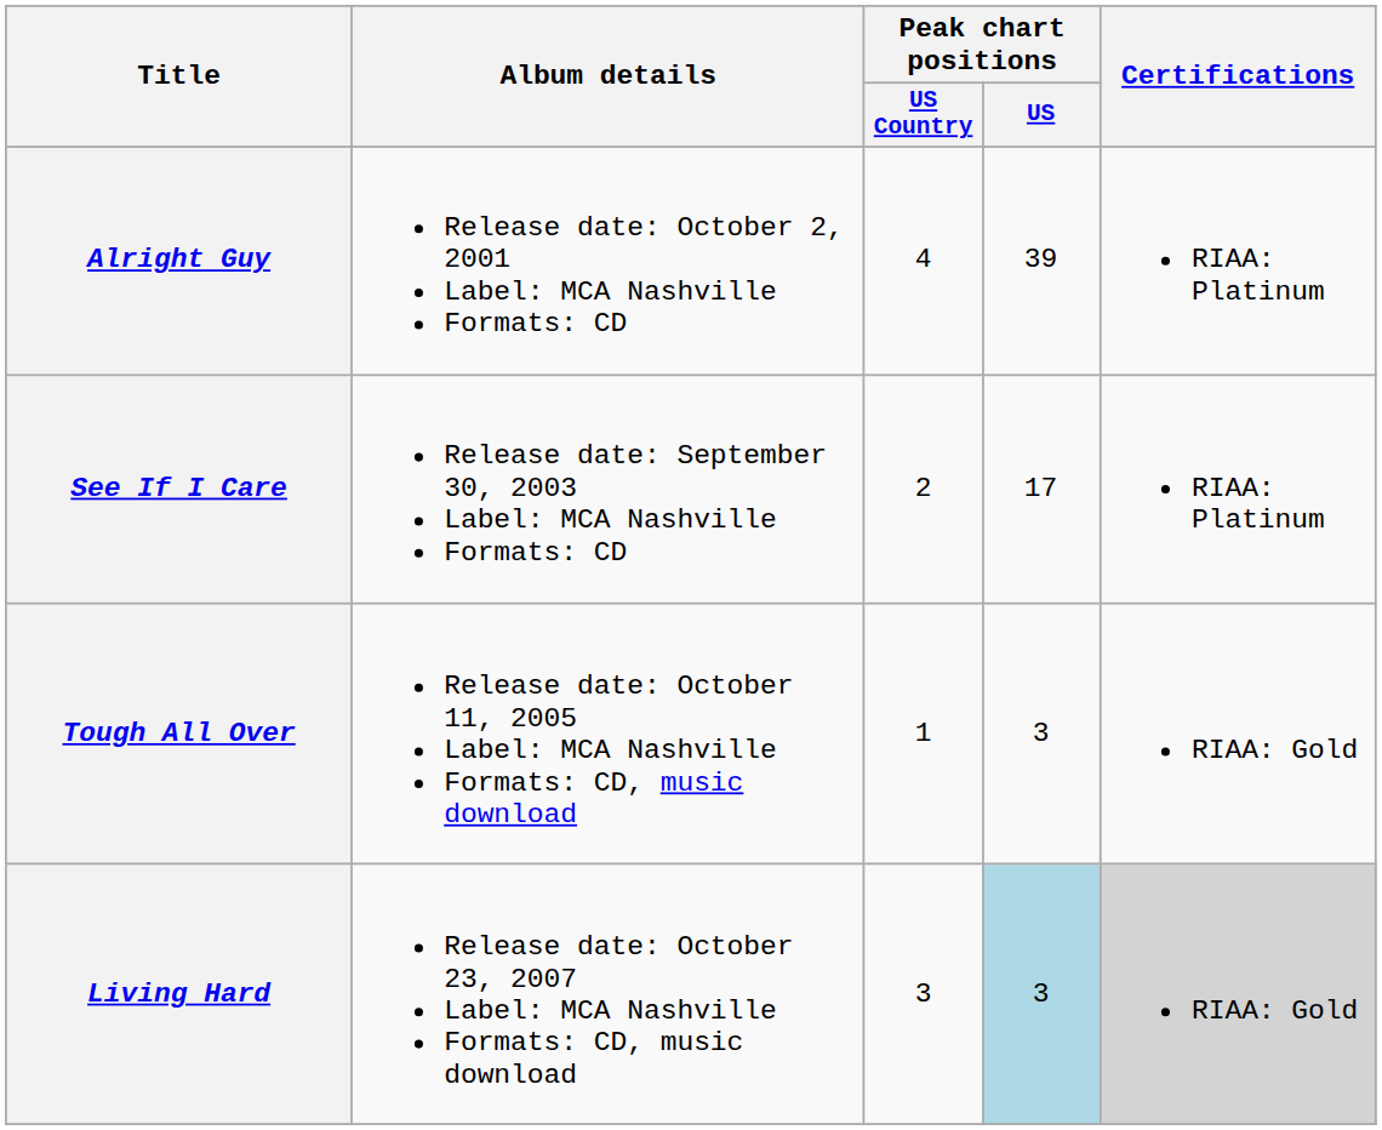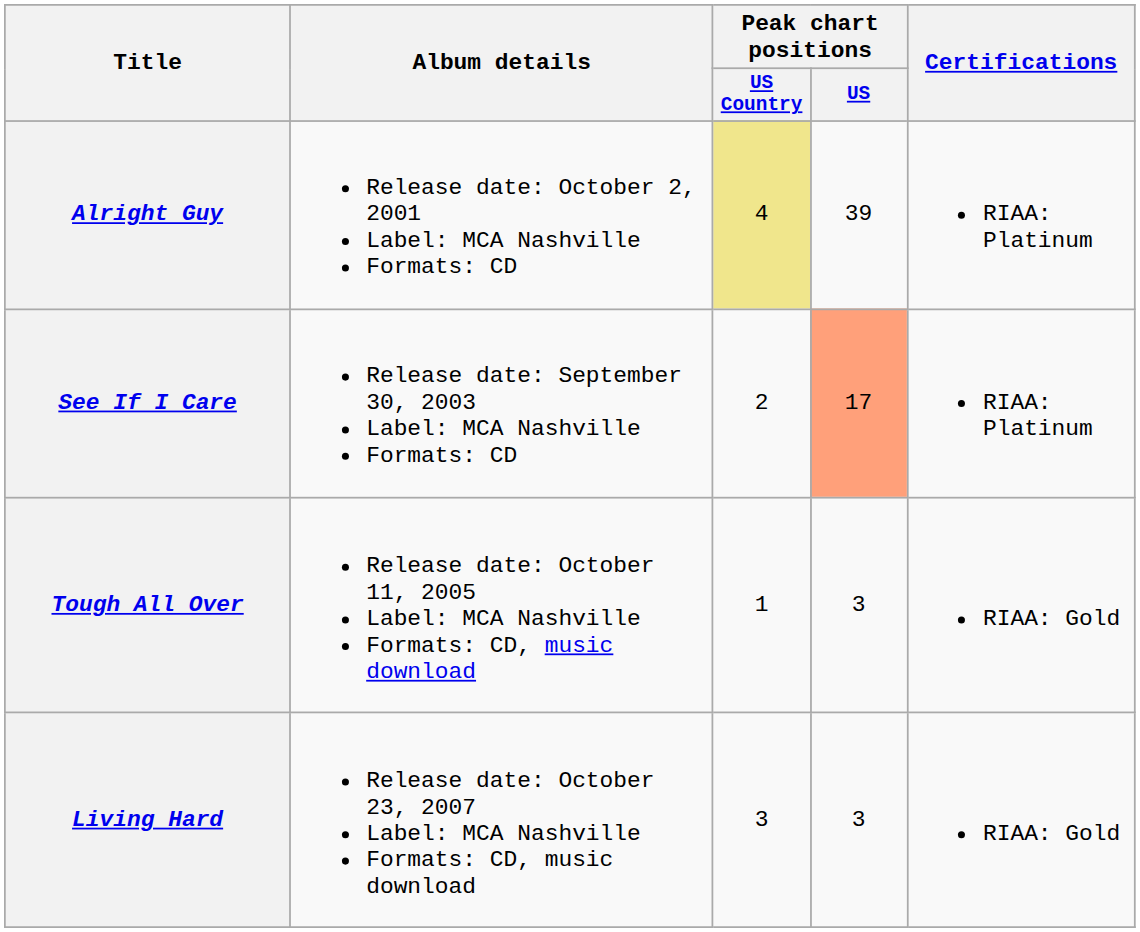 <table class="wikitable plainrowheaders" style="text-align:center;">
 <tr>
 <th scope="col" rowspan="2" style="width:12em;">Title</th>
 <th scope="col" rowspan="2" style="width:18em;">Album details</th>
 <th scope="col" colspan="2">Peak chart<br>positions</th>
 <th scope="col" rowspan="2" style="width:9.5em;"><a href='#'>Certifications</a></th>
 </tr>
 <tr>
 <th scope="col" style="width:4.5em;font-size:85%;"><a href='#'>US Country</a><br></th>
 <th scope="col" style="width:4.5em;font-size:85%;"><a href='#'>US</a><br></th>
 </tr>
 <tr>
 <th scope="row"><em><a href='#'>Alright Guy</a></em></th>
 <td align="left"><br><ul><li>Release date: October 2, 2001</li><li>Label: MCA Nashville</li><li>Formats: CD</li></ul></td>
-<td>4</td>
+<td style="background: khaki;">4</td>
 <td>39</td>
 <td align="left"><br><ul><li>RIAA: Platinum</li></ul></td>
 </tr>
 <tr>
 <th scope="row"><em><a href='#'>See If I Care</a></em></th>
 <td align="left"><br><ul><li>Release date: September 30, 2003</li><li>Label: MCA Nashville</li><li>Formats: CD</li></ul></td>
 <td>2</td>
-<td>17</td>
+<td style="background: lightsalmon;">17</td>
 <td align="left"><br><ul><li>RIAA: Platinum</li></ul></td>
 </tr>
 <tr>
 <th scope="row"><em><a href='#'>Tough All Over</a></em></th>
 <td align="left"><br><ul><li>Release date: October 11, 2005</li><li>Label: MCA Nashville</li><li>Formats: CD, <a href='#'>music download</a></li></ul></td>
 <td>1</td>
 <td>3</td>
 <td align="left"><br><ul><li>RIAA: Gold</li></ul></td>
 </tr>
 <tr>
 <th scope="row"><em><a href='#'>Living Hard</a></em></th>
 <td align="left"><br><ul><li>Release date: October 23, 2007</li><li>Label: MCA Nashville</li><li>Formats: CD, music download</li></ul></td>
 <td>3</td>
-<td style="background: lightblue;">3</td>
-<td align="left" style="background: lightgrey;"><br><ul><li>RIAA: Gold</li></ul></td>
+<td>3</td>
+<td align="left"><br><ul><li>RIAA: Gold</li></ul></td>
 </tr>
 </table>
